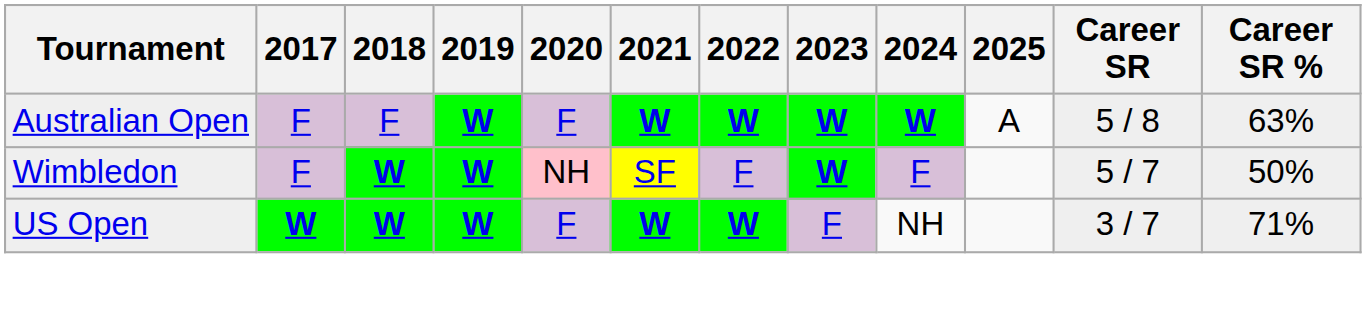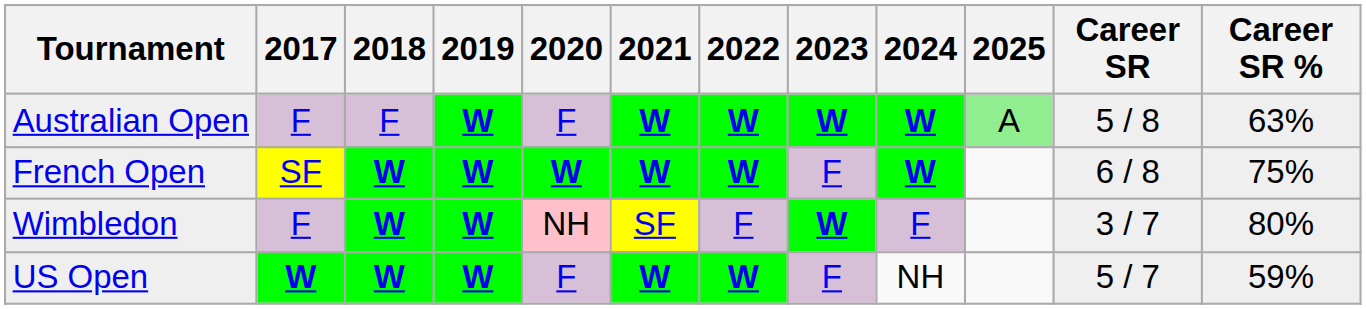 <table class="wikitable">
 <tr style="background:#efefef;">
 <th>Tournament</th>
 <th>2017</th>
 <th>2018</th>
 <th>2019</th>
 <th>2020</th>
 <th>2021</th>
 <th>2022</th>
 <th>2023</th>
 <th>2024</th>
 <th>2025</th>
 <th style="width:65px;">Career SR</th>
 <th style="width:69px;">Career SR %</th>
 </tr>
 <tr>
 <td style="background:#efefef;"><a href='#'>Australian Open</a></td>
 <td style="text-align:center; background:thistle;"><a href='#'>F</a></td>
 <td style="text-align:center; background:thistle;"><a href='#'>F</a></td>
 <td style="text-align:center; background:lime;"><strong><a href='#'>W</a></strong></td>
 <td style="text-align:center; background:thistle;"><a href='#'>F</a></td>
 <td style="text-align:center; background:lime;"><strong><a href='#'>W</a></strong></td>
 <td style="text-align:center; background:lime;"><strong><a href='#'>W</a></strong></td>
 <td style="text-align:center; background:lime;"><strong><a href='#'>W</a></strong></td>
 <td style="text-align:center; background:lime;"><strong><a href='#'>W</a></strong></td>
-<td style="text-align:center;">A</td>
+<td style="background: lightgreen; text-align:center;">A</td>
 <td style="text-align:center; background:#efefef;">5 / 8</td>
 <td style="text-align:center; background:#efefef;">63%</td>
+</tr>
+<tr>
+<td style="background:#efefef;"><a href='#'>French Open</a></td>
+<td style="text-align:center; background:yellow;"><a href='#'>SF</a></td>
+<td style="text-align:center; background:lime;"><strong><a href='#'>W</a></strong></td>
+<td style="text-align:center; background:lime;"><strong><a href='#'>W</a></strong></td>
+<td style="text-align:center; background:lime;"><strong><a href='#'>W</a></strong></td>
+<td style="text-align:center; background:lime;"><strong><a href='#'>W</a></strong></td>
+<td style="text-align:center; background:lime;"><strong><a href='#'>W</a></strong></td>
+<td style="text-align:center; background:thistle;"><a href='#'>F</a></td>
+<td style="text-align:center; background:lime;"><strong><a href='#'>W</a></strong></td>
+<td></td>
+<td style="text-align:center; background:#efefef;">6 / 8</td>
+<td style="text-align:center; background:#efefef;">75%</td>
 </tr>
 <tr>
 <td style="background:#efefef;"><a href='#'>Wimbledon</a></td>
 <td style="text-align:center; background:thistle;"><a href='#'>F</a></td>
 <td style="text-align:center; background:lime;"><strong><a href='#'>W</a></strong></td>
 <td style="text-align:center; background:lime;"><strong><a href='#'>W</a></strong></td>
 <td style="background: pink; text-align:center;">NH</td>
 <td style="text-align:center; background:yellow;"><a href='#'>SF</a></td>
 <td style="text-align:center; background:thistle;"><a href='#'>F</a></td>
 <td style="text-align:center; background:lime;"><strong><a href='#'>W</a></strong></td>
 <td style="text-align:center; background:thistle;"><a href='#'>F</a></td>
 <td></td>
-<td style="text-align:center; background:#efefef;">5 / 7</td>
-<td style="text-align:center; background:#efefef;">50%</td>
+<td style="text-align:center; background:#efefef;">3 / 7</td>
+<td style="text-align:center; background:#efefef;">80%</td>
 </tr>
 <tr>
 <td style="background:#efefef;"><a href='#'>US Open</a></td>
 <td style="text-align:center; background:lime;"><strong><a href='#'>W</a></strong></td>
 <td style="text-align:center; background:lime;"><strong><a href='#'>W</a></strong></td>
 <td style="text-align:center; background:lime;"><strong><a href='#'>W</a></strong></td>
 <td style="text-align:center; background:thistle;"><a href='#'>F</a></td>
 <td style="text-align:center; background:lime;"><strong><a href='#'>W</a></strong></td>
 <td style="text-align:center; background:lime;"><strong><a href='#'>W</a></strong></td>
 <td style="text-align:center; background:thistle;"><a href='#'>F</a></td>
 <td style="text-align:center;">NH</td>
 <td></td>
-<td style="text-align:center; background:#efefef;">3 / 7</td>
-<td style="text-align:center; background:#efefef;">71%</td>
+<td style="text-align:center; background:#efefef;">5 / 7</td>
+<td style="text-align:center; background:#efefef;">59%</td>
 </tr>
 </table>
